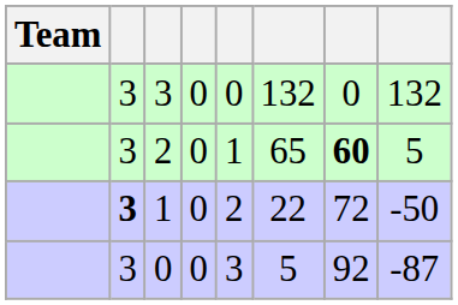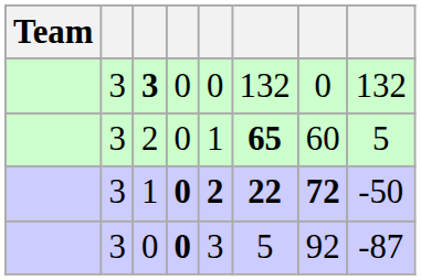 <table class="wikitable" style="text-align: center;">
 <tr>
 <th>Team</th>
 <th></th>
 <th></th>
 <th></th>
 <th></th>
 <th></th>
 <th></th>
 <th></th>
 </tr>
 <tr bgcolor="ccffcc">
 <td align="left"></td>
 <td>3</td>
-<td>3</td>
+<td><strong>3</strong></td>
 <td>0</td>
 <td>0</td>
 <td>132</td>
 <td>0</td>
 <td>132</td>
 </tr>
 <tr bgcolor="ccffcc">
 <td align="left"></td>
 <td>3</td>
 <td>2</td>
 <td>0</td>
 <td>1</td>
-<td>65</td>
-<td><strong>60</strong></td>
+<td><strong>65</strong></td>
+<td>60</td>
 <td>5</td>
 </tr>
 <tr bgcolor="ccccff">
 <td align="left"></td>
-<td><strong>3</strong></td>
+<td>3</td>
 <td>1</td>
-<td>0</td>
-<td>2</td>
-<td>22</td>
-<td>72</td>
+<td><strong>0</strong></td>
+<td><strong>2</strong></td>
+<td><strong>22</strong></td>
+<td><strong>72</strong></td>
 <td>-50</td>
 </tr>
 <tr bgcolor="ccccff">
 <td align="left"></td>
 <td>3</td>
 <td>0</td>
-<td>0</td>
+<td><strong>0</strong></td>
 <td>3</td>
 <td>5</td>
 <td>92</td>
 <td>-87</td>
 </tr>
 </table>
